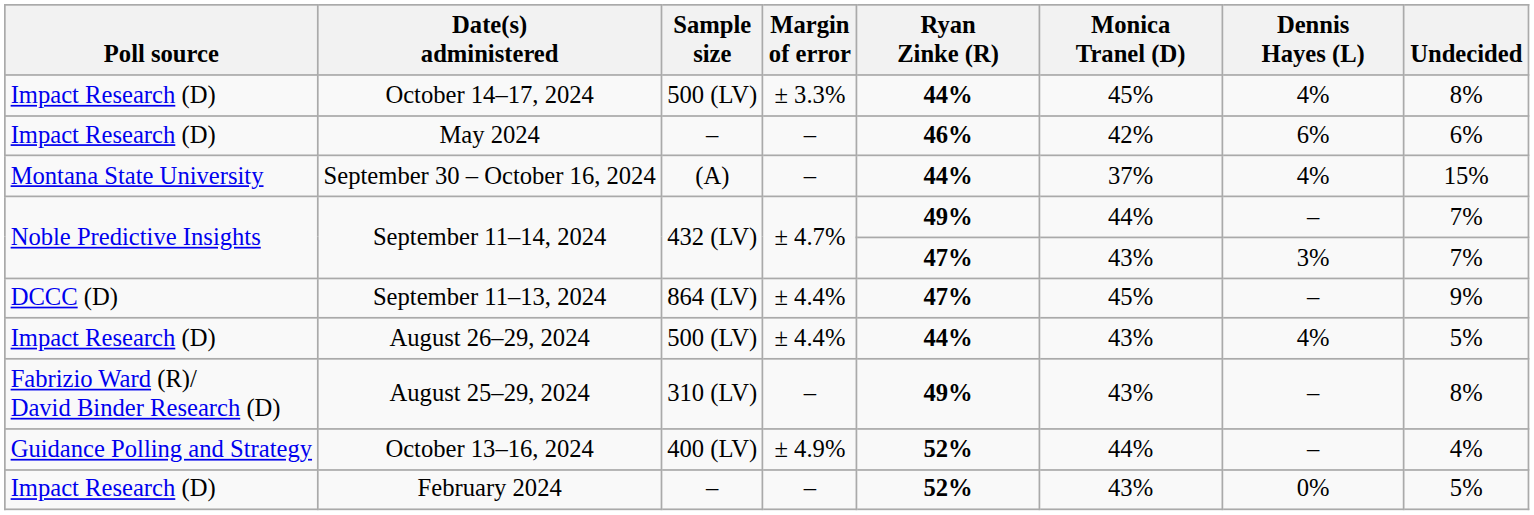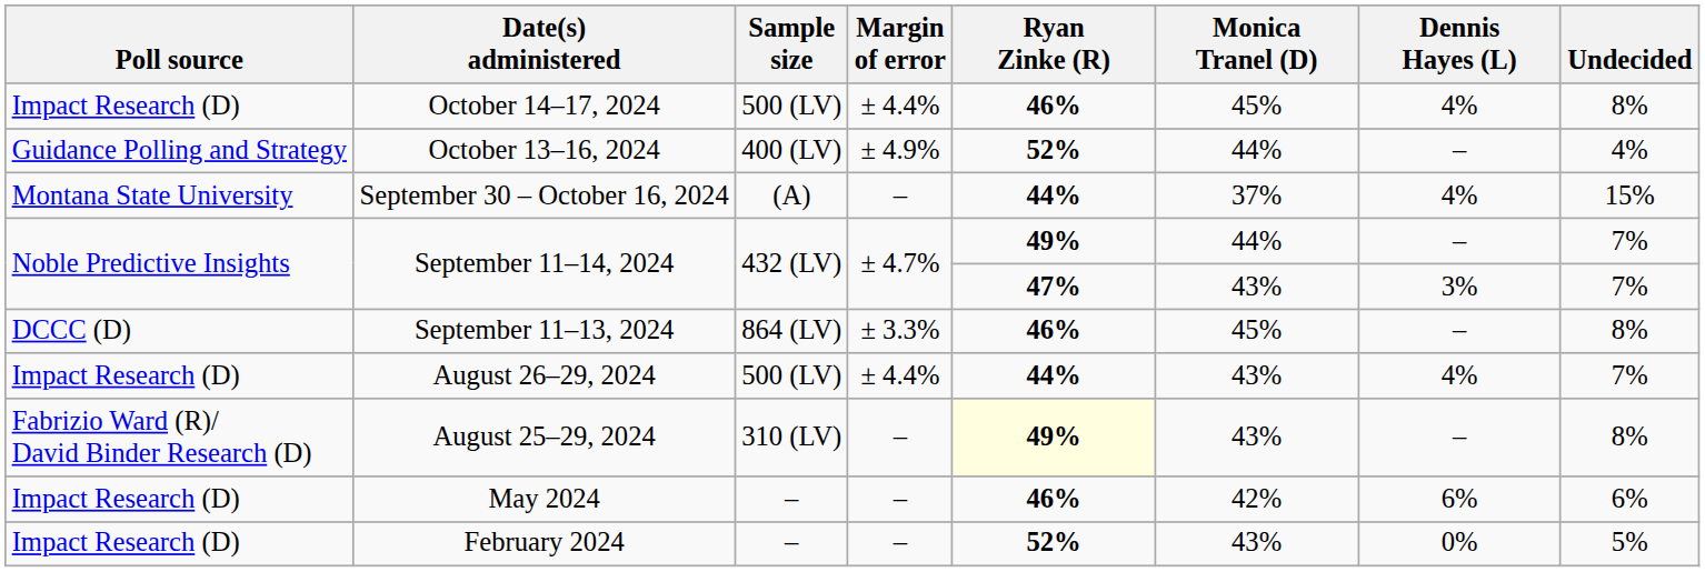 <table class="wikitable" style="font-size:90%;text-align:center;">
 <tr valign=bottom>
 <th>Poll source</th>
 <th>Date(s)<br>administered</th>
 <th>Sample<br>size</th>
 <th>Margin<br>of error</th>
 <th style="width:100px;">Ryan<br>Zinke (R)</th>
 <th style="width:100px;">Monica<br>Tranel (D)</th>
 <th style="width:100px;">Dennis<br>Hayes (L)</th>
 <th class="unsortable">Undecided</th>
 </tr>
 <tr>
 <td style="text-align:left"><a href='#'>Impact Research</a> (D)</td>
 <td>October 14–17, 2024</td>
 <td>500 (LV)</td>
-<td>± 3.3%</td>
-<td><strong>44%</strong></td>
+<td>± 4.4%</td>
+<td><strong>46%</strong></td>
 <td>45%</td>
 <td>4%</td>
 <td>8%</td>
 </tr>
 <tr>
-<td style="text-align:left"><a href='#'>Impact Research</a> (D)</td>
-<td>May 2024</td>
+<td style="text-align:left"><a href='#'>Guidance Polling and Strategy</a></td>
+<td>October 13–16, 2024</td>
+<td>400 (LV)</td>
+<td>± 4.9%</td>
+<td><strong>52%</strong></td>
+<td>44%</td>
 <td>–</td>
-<td>–</td>
-<td><strong>46%</strong></td>
-<td>42%</td>
-<td>6%</td>
-<td>6%</td>
+<td>4%</td>
 </tr>
 <tr>
 <td style="text-align:left"><a href='#'>Montana State University</a></td>
 <td>September 30 – October 16, 2024</td>
 <td>(A)</td>
 <td>–</td>
 <td><strong>44%</strong></td>
 <td>37%</td>
 <td>4%</td>
 <td>15%</td>
 </tr>
 <tr>
 <td style="text-align:left;" rowspan="2"><a href='#'>Noble Predictive Insights</a></td>
 <td rowspan="2">September 11–14, 2024</td>
 <td rowspan="2">432 (LV)</td>
 <td rowspan="2">± 4.7%</td>
 <td><strong>49%</strong></td>
 <td>44%</td>
 <td>–</td>
 <td>7%</td>
 </tr>
 <tr>
 <td><strong>47%</strong></td>
 <td>43%</td>
 <td>3%</td>
 <td>7%</td>
 </tr>
 <tr>
 <td style="text-align:left"><a href='#'>DCCC</a> (D)</td>
 <td>September 11–13, 2024</td>
 <td>864 (LV)</td>
-<td>± 4.4%</td>
-<td><strong>47%</strong></td>
+<td>± 3.3%</td>
+<td><strong>46%</strong></td>
 <td>45%</td>
 <td>–</td>
-<td>9%</td>
+<td>8%</td>
 </tr>
 <tr>
 <td style="text-align:left"><a href='#'>Impact Research</a> (D)</td>
 <td>August 26–29, 2024</td>
 <td>500 (LV)</td>
 <td>± 4.4%</td>
 <td><strong>44%</strong></td>
 <td>43%</td>
 <td>4%</td>
-<td>5%</td>
+<td>7%</td>
 </tr>
 <tr>
 <td style="text-align:left"><a href='#'>Fabrizio Ward</a> (R)/<a href='#'><br>David Binder Research</a> (D)</td>
 <td>August 25–29, 2024</td>
 <td>310 (LV)</td>
 <td>–</td>
-<td><strong>49%</strong></td>
+<td style="background: lightyellow;"><strong>49%</strong></td>
 <td>43%</td>
 <td>–</td>
 <td>8%</td>
 </tr>
 <tr>
-<td style="text-align:left"><a href='#'>Guidance Polling and Strategy</a></td>
-<td>October 13–16, 2024</td>
-<td>400 (LV)</td>
-<td>± 4.9%</td>
-<td><strong>52%</strong></td>
-<td>44%</td>
+<td style="text-align:left"><a href='#'>Impact Research</a> (D)</td>
+<td>May 2024</td>
 <td>–</td>
-<td>4%</td>
+<td>–</td>
+<td><strong>46%</strong></td>
+<td>42%</td>
+<td>6%</td>
+<td>6%</td>
 </tr>
 <tr>
 <td style="text-align:left"><a href='#'>Impact Research</a> (D)</td>
 <td>February 2024</td>
 <td>–</td>
 <td>–</td>
 <td><strong>52%</strong></td>
 <td>43%</td>
 <td>0%</td>
 <td>5%</td>
 </tr>
 </table>
